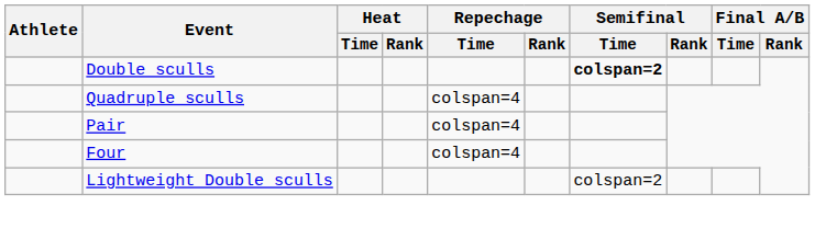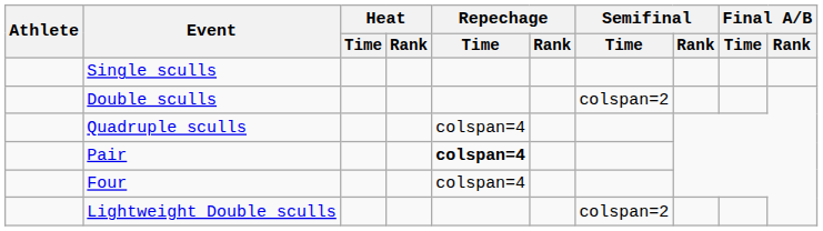 <table class=wikitable style=font-size:90%;text-align:center>
 <tr>
 <th rowspan=2>Athlete</th>
 <th rowspan=2>Event</th>
 <th colspan=2>Heat</th>
 <th colspan=2>Repechage</th>
 <th colspan=2>Semifinal</th>
 <th colspan=2>Final A/B</th>
 </tr>
 <tr style=font-size:95%>
 <th>Time</th>
 <th>Rank</th>
 <th>Time</th>
 <th>Rank</th>
 <th>Time</th>
 <th>Rank</th>
 <th>Time</th>
 <th>Rank</th>
 </tr>
 <tr>
 <td align=left></td>
+<td align=left><a href='#'>Single sculls</a></td>
+<td></td>
+<td></td>
+<td></td>
+<td></td>
+<td></td>
+<td></td>
+<td></td>
+<td></td>
+</tr>
+<tr>
+<td align=left></td>
 <td align=left><a href='#'>Double sculls</a></td>
 <td></td>
 <td></td>
 <td></td>
 <td></td>
-<td><strong>colspan=2 </strong></td>
+<td>colspan=2 </td>
 <td></td>
 <td></td>
 </tr>
 <tr>
 <td align=left></td>
 <td align=left><a href='#'>Quadruple sculls</a></td>
 <td></td>
 <td></td>
 <td>colspan=4 </td>
 <td></td>
 <td></td>
 </tr>
 <tr>
 <td align=left></td>
 <td align=left><a href='#'>Pair</a></td>
 <td></td>
 <td></td>
-<td>colspan=4 </td>
+<td><strong>colspan=4 </strong></td>
 <td></td>
 <td></td>
 </tr>
 <tr>
 <td align=left></td>
 <td align=left><a href='#'>Four</a></td>
 <td></td>
 <td></td>
 <td>colspan=4 </td>
 <td></td>
 <td></td>
 </tr>
 <tr>
 <td align=left></td>
 <td align=left><a href='#'>Lightweight Double sculls</a></td>
 <td></td>
 <td></td>
 <td></td>
 <td></td>
 <td>colspan=2 </td>
 <td></td>
 <td></td>
 </tr>
 </table>
